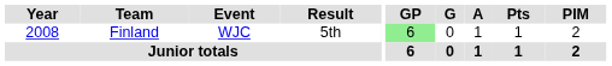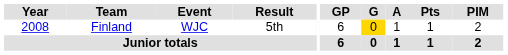 <table border="0" cellpadding="1" cellspacing="0" ID="Table3" style="text-align:center; width:40em">
 <tr ALIGN="center" bgcolor="#e0e0e0">
 <th>Year</th>
 <th>Team</th>
 <th>Event</th>
 <th>Result</th>
 <th rowspan="99" bgcolor="#ffffff"></th>
 <th>GP</th>
 <th>G</th>
 <th>A</th>
 <th>Pts</th>
 <th>PIM</th>
 </tr>
 <tr ALIGN="center">
 <td><a href='#'>2008</a></td>
 <td><a href='#'>Finland</a></td>
 <td><a href='#'>WJC</a></td>
 <td>5th</td>
-<td style="background: lightgreen;">6</td>
-<td>0</td>
+<td>6</td>
+<td style="background: gold;">0</td>
 <td>1</td>
 <td>1</td>
 <td>2</td>
 </tr>
 <tr bgcolor="#e0e0e0">
 <th colspan="4">Junior totals</th>
 <th>6</th>
 <th>0</th>
 <th>1</th>
 <th>1</th>
 <th>2</th>
 </tr>
 </table>
